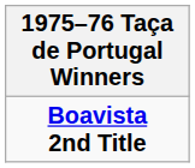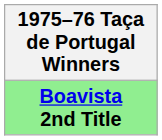 <table class="wikitable" style="text-align: center; margin: 0 auto; width: 20%">
 <tr>
 <th>1975–76 Taça de Portugal Winners</th>
 </tr>
 <tr>
-<td><strong><a href='#'>Boavista</a></strong><br><strong>2nd Title</strong></td>
+<td style="background: lightgreen;"><strong><a href='#'>Boavista</a></strong><br><strong>2nd Title</strong></td>
 </tr>
 </table>
